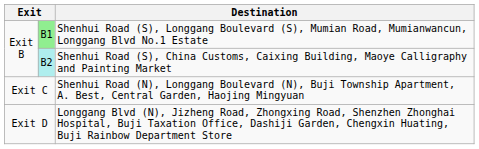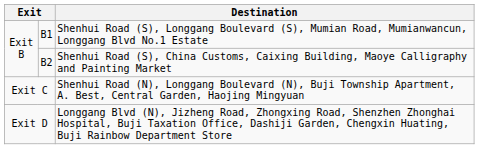 <table class="wikitable">
 <tr>
 <th style="width:70px" colspan="2">Exit</th>
 <th>Destination</th>
 </tr>
 <tr>
 <td align="center" rowspan="2">Exit B</td>
-<td style="background: lightgreen;">B1</td>
+<td>B1</td>
 <td>Shenhui Road (S), Longgang Boulevard (S), Mumian Road, Mumianwancun, Longgang Blvd No.1 Estate</td>
 </tr>
 <tr>
-<td style="background: paleturquoise;">B2</td>
+<td>B2</td>
 <td>Shenhui Road (S), China Customs, Caixing Building, Maoye Calligraphy and Painting Market</td>
 </tr>
 <tr>
 <td align="center" colspan="2">Exit C</td>
 <td>Shenhui Road (N), Longgang Boulevard (N), Buji Township Apartment, A. Best, Central Garden, Haojing Mingyuan</td>
 </tr>
 <tr>
 <td align="center" colspan="2">Exit D</td>
 <td>Longgang Blvd (N), Jizheng Road, Zhongxing Road, Shenzhen Zhonghai Hospital, Buji Taxation Office, Dashiji Garden, Chengxin Huating, Buji Rainbow Department Store</td>
 </tr>
 </table>
